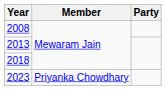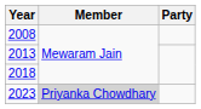 <table class="wikitable sortable">
 <tr>
 <th>Year</th>
 <th>Member</th>
 <th colspan="2">Party</th>
 </tr>
 <tr>
 <td><a href='#'>2008</a></td>
 <td rowspan=3><a href='#'>Mewaram Jain</a></td>
 <td></td>
 </tr>
 <tr>
 <td><a href='#'>2013</a></td>
 </tr>
 <tr>
 <td><a href='#'>2018</a></td>
 </tr>
 <tr>
 <td><a href='#'>2023</a></td>
-<td><a href='#'>Priyanka Chowdhary</a></td>
+<td style="background: lightgrey;"><a href='#'>Priyanka Chowdhary</a></td>
 <td></td>
 </tr>
 </table>
